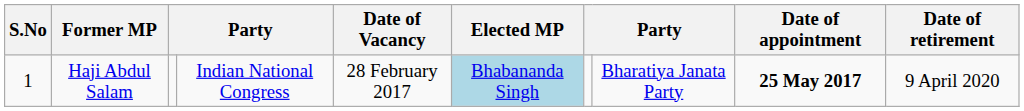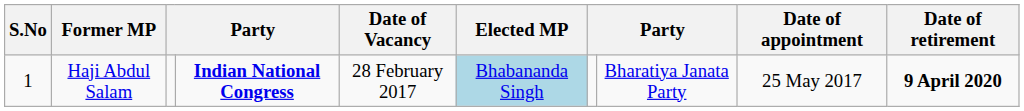 <table class="wikitable sortable">
 <tr>
 <th>S.No</th>
 <th>Former MP</th>
 <th colspan=2>Party</th>
 <th>Date of Vacancy</th>
 <th>Elected MP</th>
 <th colspan=2>Party</th>
 <th>Date of appointment</th>
 <th>Date of retirement</th>
 </tr>
 <tr style="text-align:center;">
 <td>1</td>
 <td><a href='#'>Haji Abdul Salam</a></td>
 <td></td>
-<td><a href='#'>Indian National Congress</a></td>
+<td><strong><a href='#'>Indian National Congress</a></strong></td>
 <td>28 February 2017</td>
 <td style="background: lightblue;"><a href='#'>Bhabananda Singh</a></td>
 <td></td>
 <td><a href='#'>Bharatiya Janata Party</a></td>
-<td><strong>25 May 2017</strong></td>
-<td>9 April 2020</td>
+<td>25 May 2017</td>
+<td><strong>9 April 2020</strong></td>
 </tr>
 </table>
